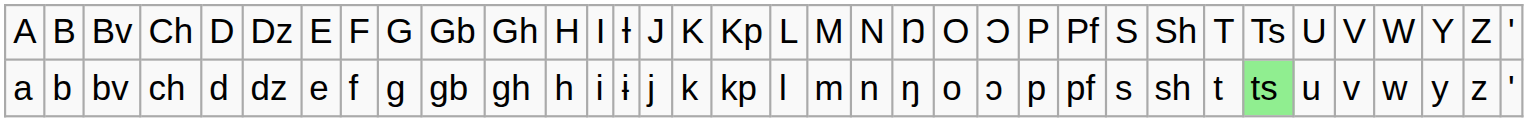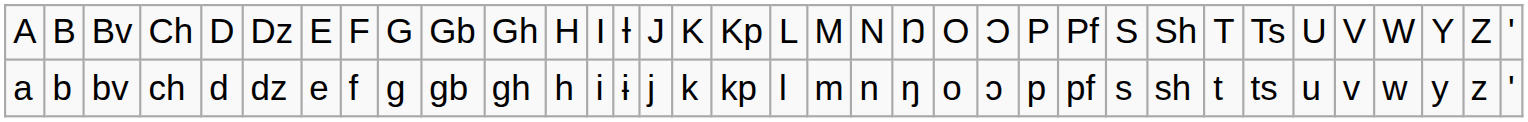 <table class="wikitable">
 <tr>
 <td>A</td>
 <td>B</td>
 <td>Bv</td>
 <td>Ch</td>
 <td>D</td>
 <td>Dz</td>
 <td>E</td>
 <td>F</td>
 <td>G</td>
 <td>Gb</td>
 <td>Gh</td>
 <td>H</td>
 <td>I</td>
 <td>Ɨ</td>
 <td>J</td>
 <td>K</td>
 <td>Kp</td>
 <td>L</td>
 <td>M</td>
 <td>N</td>
 <td>Ŋ</td>
 <td>O</td>
 <td>Ɔ</td>
 <td>P</td>
 <td>Pf</td>
 <td>S</td>
 <td>Sh</td>
 <td>T</td>
 <td>Ts</td>
 <td>U</td>
 <td>V</td>
 <td>W</td>
 <td>Y</td>
 <td>Z</td>
 <td>'</td>
 </tr>
 <tr>
 <td>a</td>
 <td>b</td>
 <td>bv</td>
 <td>ch</td>
 <td>d</td>
 <td>dz</td>
 <td>e</td>
 <td>f</td>
 <td>g</td>
 <td>gb</td>
 <td>gh</td>
 <td>h</td>
 <td>i</td>
 <td>ɨ</td>
 <td>j</td>
 <td>k</td>
 <td>kp</td>
 <td>l</td>
 <td>m</td>
 <td>n</td>
 <td>ŋ</td>
 <td>o</td>
 <td>ɔ</td>
 <td>p</td>
 <td>pf</td>
 <td>s</td>
 <td>sh</td>
 <td>t</td>
-<td style="background: lightgreen;">ts</td>
+<td>ts</td>
 <td>u</td>
 <td>v</td>
 <td>w</td>
 <td>y</td>
 <td>z</td>
 <td>'</td>
 </tr>
 </table>
